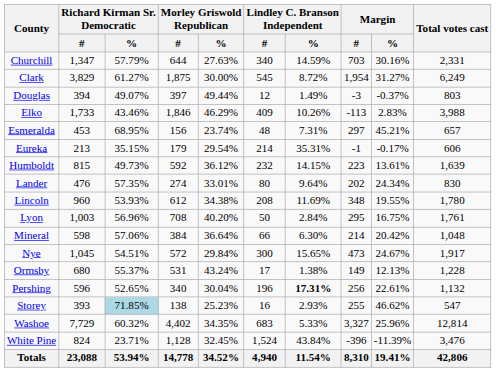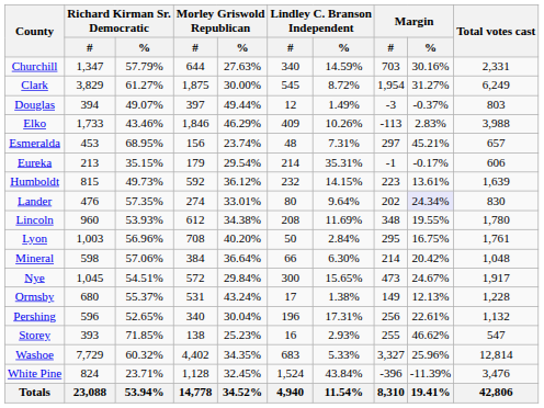 <table class="wikitable sortable" style="text-align:center">
 <tr>
 <th rowspan="2">County</th>
 <th style="text-align:center;" colspan="2">Richard Kirman Sr.<br>Democratic</th>
 <th style="text-align:center;" colspan="2">Morley Griswold<br>Republican</th>
 <th style="text-align:center;" colspan="2">Lindley C. Branson<br>Independent</th>
 <th style="text-align:center;" colspan="2">Margin</th>
 <th style="text-align:center;" rowspan="2">Total votes cast</th>
 </tr>
 <tr>
 <th style="text-align:center;" data-sort-type="number">#</th>
 <th style="text-align:center;" data-sort-type="number">%</th>
 <th style="text-align:center;" data-sort-type="number">#</th>
 <th style="text-align:center;" data-sort-type="number">%</th>
 <th style="text-align:center;" data-sort-type="number">#</th>
 <th style="text-align:center;" data-sort-type="number">%</th>
 <th style="text-align:center;" data-sort-type="number">#</th>
 <th style="text-align:center;" data-sort-type="number">%</th>
 </tr>
 <tr style="text-align:center;">
 <td><a href='#'>Churchill</a></td>
 <td>1,347</td>
 <td>57.79%</td>
 <td>644</td>
 <td>27.63%</td>
 <td>340</td>
 <td>14.59%</td>
 <td>703</td>
 <td>30.16%</td>
 <td>2,331</td>
 </tr>
 <tr style="text-align:center;">
 <td><a href='#'>Clark</a></td>
 <td>3,829</td>
 <td>61.27%</td>
 <td>1,875</td>
 <td>30.00%</td>
 <td>545</td>
 <td>8.72%</td>
 <td>1,954</td>
 <td>31.27%</td>
 <td>6,249</td>
 </tr>
 <tr style="text-align:center;">
 <td><a href='#'>Douglas</a></td>
 <td>394</td>
 <td>49.07%</td>
 <td>397</td>
 <td>49.44%</td>
 <td>12</td>
 <td>1.49%</td>
 <td>-3</td>
 <td>-0.37%</td>
 <td>803</td>
 </tr>
 <tr style="text-align:center;">
 <td><a href='#'>Elko</a></td>
 <td>1,733</td>
 <td>43.46%</td>
 <td>1,846</td>
 <td>46.29%</td>
 <td>409</td>
 <td>10.26%</td>
 <td>-113</td>
 <td>2.83%</td>
 <td>3,988</td>
 </tr>
 <tr style="text-align:center;">
 <td><a href='#'>Esmeralda</a></td>
 <td>453</td>
 <td>68.95%</td>
 <td>156</td>
 <td>23.74%</td>
 <td>48</td>
 <td>7.31%</td>
 <td>297</td>
 <td>45.21%</td>
 <td>657</td>
 </tr>
 <tr style="text-align:center;">
 <td><a href='#'>Eureka</a></td>
 <td>213</td>
 <td>35.15%</td>
 <td>179</td>
 <td>29.54%</td>
 <td>214</td>
 <td>35.31%</td>
 <td>-1</td>
 <td>-0.17%</td>
 <td>606</td>
 </tr>
 <tr style="text-align:center;">
 <td><a href='#'>Humboldt</a></td>
 <td>815</td>
 <td>49.73%</td>
 <td>592</td>
 <td>36.12%</td>
 <td>232</td>
 <td>14.15%</td>
 <td>223</td>
 <td>13.61%</td>
 <td>1,639</td>
 </tr>
 <tr style="text-align:center;">
 <td><a href='#'>Lander</a></td>
 <td>476</td>
 <td>57.35%</td>
 <td>274</td>
 <td>33.01%</td>
 <td>80</td>
 <td>9.64%</td>
 <td>202</td>
-<td>24.34%</td>
+<td style="background: lavender;">24.34%</td>
 <td>830</td>
 </tr>
 <tr style="text-align:center;">
 <td><a href='#'>Lincoln</a></td>
 <td>960</td>
 <td>53.93%</td>
 <td>612</td>
 <td>34.38%</td>
 <td>208</td>
 <td>11.69%</td>
 <td>348</td>
 <td>19.55%</td>
 <td>1,780</td>
 </tr>
 <tr style="text-align:center;">
 <td><a href='#'>Lyon</a></td>
 <td>1,003</td>
 <td>56.96%</td>
 <td>708</td>
 <td>40.20%</td>
 <td>50</td>
 <td>2.84%</td>
 <td>295</td>
 <td>16.75%</td>
 <td>1,761</td>
 </tr>
 <tr style="text-align:center;">
 <td><a href='#'>Mineral</a></td>
 <td>598</td>
 <td>57.06%</td>
 <td>384</td>
 <td>36.64%</td>
 <td>66</td>
 <td>6.30%</td>
 <td>214</td>
 <td>20.42%</td>
 <td>1,048</td>
 </tr>
 <tr style="text-align:center;">
 <td><a href='#'>Nye</a></td>
 <td>1,045</td>
 <td>54.51%</td>
 <td>572</td>
 <td>29.84%</td>
 <td>300</td>
 <td>15.65%</td>
 <td>473</td>
 <td>24.67%</td>
 <td>1,917</td>
 </tr>
 <tr style="text-align:center;">
 <td><a href='#'>Ormsby</a></td>
 <td>680</td>
 <td>55.37%</td>
 <td>531</td>
 <td>43.24%</td>
 <td>17</td>
 <td>1.38%</td>
 <td>149</td>
 <td>12.13%</td>
 <td>1,228</td>
 </tr>
 <tr style="text-align:center;">
 <td><a href='#'>Pershing</a></td>
 <td>596</td>
 <td>52.65%</td>
 <td>340</td>
 <td>30.04%</td>
 <td>196</td>
-<td><strong>17.31%</strong></td>
+<td>17.31%</td>
 <td>256</td>
 <td>22.61%</td>
 <td>1,132</td>
 </tr>
 <tr style="text-align:center;">
 <td><a href='#'>Storey</a></td>
 <td>393</td>
-<td style="background: lightblue;">71.85%</td>
+<td>71.85%</td>
 <td>138</td>
 <td>25.23%</td>
 <td>16</td>
 <td>2.93%</td>
 <td>255</td>
 <td>46.62%</td>
 <td>547</td>
 </tr>
 <tr style="text-align:center;">
 <td><a href='#'>Washoe</a></td>
 <td>7,729</td>
 <td>60.32%</td>
 <td>4,402</td>
 <td>34.35%</td>
 <td>683</td>
 <td>5.33%</td>
 <td>3,327</td>
 <td>25.96%</td>
 <td>12,814</td>
 </tr>
 <tr style="text-align:center;">
 <td><a href='#'>White Pine</a></td>
 <td>824</td>
 <td>23.71%</td>
 <td>1,128</td>
 <td>32.45%</td>
 <td>1,524</td>
 <td>43.84%</td>
 <td>-396</td>
 <td>-11.39%</td>
 <td>3,476</td>
 </tr>
 <tr style="text-align:center;">
 <th>Totals</th>
 <th>23,088</th>
 <th>53.94%</th>
 <th>14,778</th>
 <th>34.52%</th>
 <th>4,940</th>
 <th>11.54%</th>
 <th>8,310</th>
 <th>19.41%</th>
 <th>42,806</th>
 </tr>
 </table>
